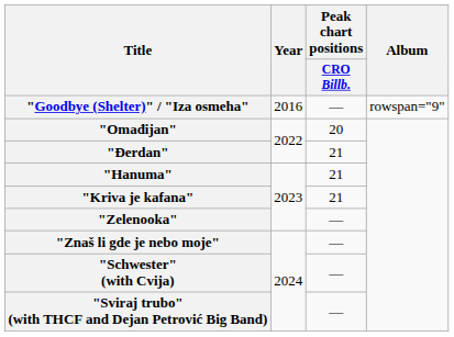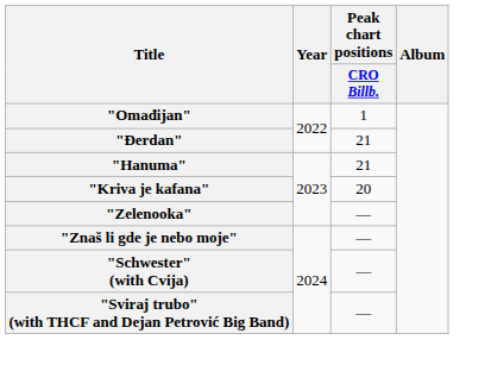 <table class="wikitable plainrowheaders" style="text-align:center;">
 <tr>
 <th scope="col" rowspan="2">Title</th>
 <th scope="col" rowspan="2">Year</th>
 <th scope="col" colspan="1">Peak chart positions</th>
 <th scope="col" rowspan="2">Album</th>
 </tr>
 <tr>
 <th scope="col" style="width:2.5em;font-size:90%;"><a href='#'>CRO<br><em>Billb.</em></a><br></th>
 </tr>
 <tr>
-<th scope="row">"<a href='#'>Goodbye (Shelter)</a>" / "Iza osmeha"<br></th>
-<td>2016</td>
-<td>—</td>
-<td>rowspan="9" </td>
-</tr>
-<tr>
 <th scope="row">"Omađijan"</th>
 <td rowspan="2">2022</td>
-<td>20</td>
+<td>1</td>
 </tr>
 <tr>
 <th scope="row">"Đerdan"<br></th>
 <td>21</td>
 </tr>
 <tr>
 <th scope="row">"Hanuma"</th>
 <td rowspan="3">2023</td>
 <td>21</td>
 </tr>
 <tr>
 <th scope="row">"Kriva je kafana"<br></th>
-<td>21</td>
+<td>20</td>
 </tr>
 <tr>
 <th scope="row">"Zelenooka"</th>
 <td>—</td>
 </tr>
 <tr>
 <th scope="row">"Znaš li gde je nebo moje"<br></th>
 <td rowspan="3">2024</td>
 <td>—</td>
 </tr>
 <tr>
 <th scope="row">"Schwester"<br><span>(with Cvija)</span></th>
 <td>—</td>
 </tr>
 <tr>
 <th scope="row">"Sviraj trubo"<br><span>(with THCF and Dejan Petrović Big Band)</span></th>
 <td>—</td>
 </tr>
 </table>
